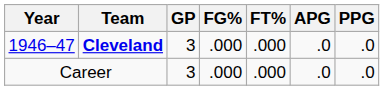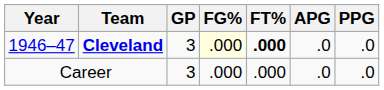 <table class="wikitable sortable" style="font-size:95%; text-align:right;">
 <tr>
 <th>Year</th>
 <th>Team</th>
 <th>GP</th>
 <th>FG%</th>
 <th>FT%</th>
 <th>APG</th>
 <th>PPG</th>
 </tr>
 <tr>
 <td style="text-align:left;"><a href='#'>1946–47</a></td>
 <td style="text-align:left;"><strong><a href='#'>Cleveland</a></strong></td>
 <td>3</td>
-<td>.000</td>
-<td>.000</td>
+<td style="background: lightyellow;">.000</td>
+<td><strong>.000</strong></td>
 <td>.0</td>
 <td>.0</td>
 </tr>
 <tr>
 <td style="text-align:center;" colspan="2">Career</td>
 <td>3</td>
 <td>.000</td>
 <td>.000</td>
 <td>.0</td>
 <td>.0</td>
 </tr>
 </table>
